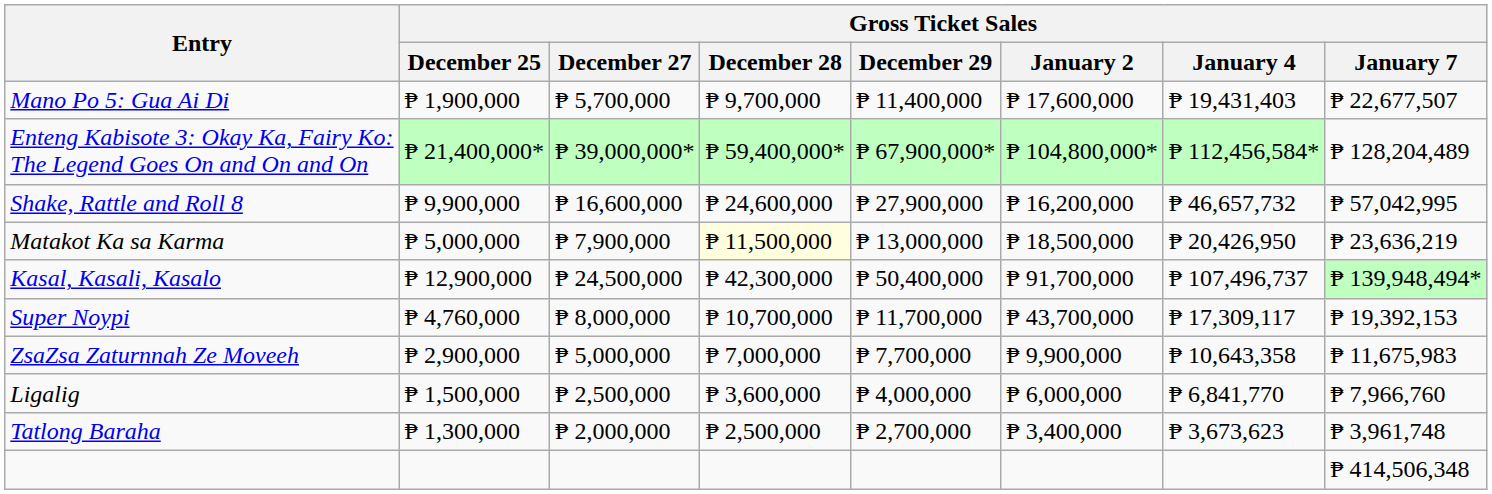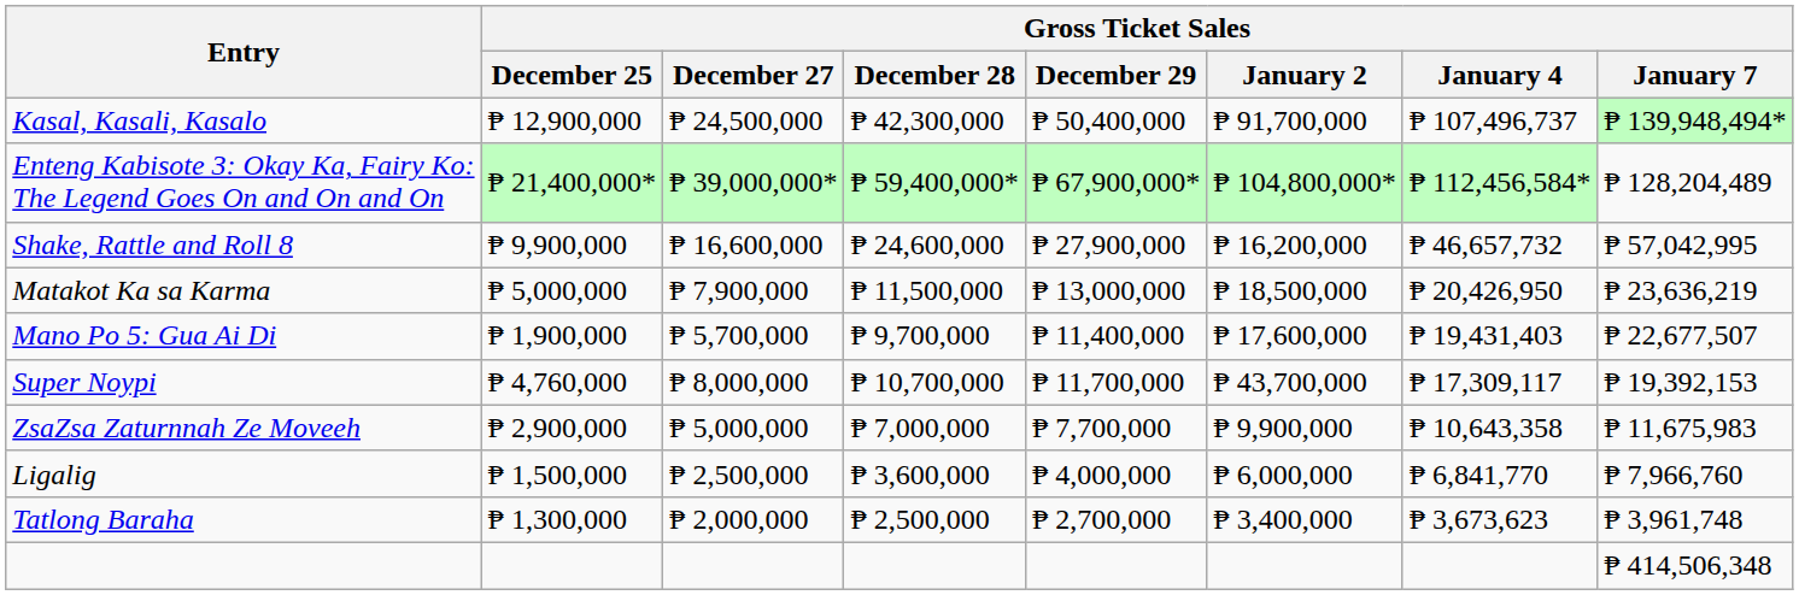 <table class="wikitable sortable" style="text align: center">
 <tr bgcolor="#efefef">
 <th rowspan=2>Entry</th>
 <th colspan=7>Gross Ticket Sales</th>
 </tr>
 <tr>
 <th>December 25</th>
 <th>December 27</th>
 <th>December 28</th>
 <th>December 29</th>
 <th>January 2</th>
 <th>January 4</th>
 <th>January 7</th>
 </tr>
 <tr>
-<td><em><a href='#'>Mano Po 5: Gua Ai Di</a></em></td>
-<td data-sort-value="7">₱ 1,900,000</td>
-<td data-sort-value="6">₱ 5,700,000</td>
-<td data-sort-value="6">₱ 9,700,000</td>
-<td data-sort-value="6">₱ 11,400,000</td>
-<td data-sort-value="5">₱ 17,600,000</td>
-<td data-sort-value="5">₱ 19,431,403</td>
-<td data-sort-value="5">₱ 22,677,507</td>
+<td><em><a href='#'>Kasal, Kasali, Kasalo</a></em></td>
+<td data-sort-value="2">₱ 12,900,000</td>
+<td data-sort-value="2">₱ 24,500,000</td>
+<td data-sort-value="2">₱ 42,300,000</td>
+<td data-sort-value="2">₱ 50,400,000</td>
+<td data-sort-value="2">₱ 91,700,000</td>
+<td data-sort-value="2">₱ 107,496,737</td>
+<td data-sort-value="1" style="background:#BFFFC0;">₱ 139,948,494*</td>
 </tr>
 <tr>
 <td><em><a href='#'>Enteng Kabisote 3: Okay Ka, Fairy Ko:<br>The Legend Goes On and On and On</a></em></td>
 <td data-sort-value="1" style="background:#BFFFC0;">₱ 21,400,000*</td>
 <td data-sort-value="1" style="background:#BFFFC0;">₱ 39,000,000*</td>
 <td data-sort-value="1" style="background:#BFFFC0;">₱ 59,400,000*</td>
 <td data-sort-value="1" style="background:#BFFFC0;">₱ 67,900,000*</td>
 <td data-sort-value="1" style="background:#BFFFC0;">₱ 104,800,000*</td>
 <td data-sort-value="1" style="background:#BFFFC0;">₱ 112,456,584*</td>
 <td data-sort-value="2">₱ 128,204,489</td>
 </tr>
 <tr>
 <td><em><a href='#'>Shake, Rattle and Roll 8</a></em></td>
 <td data-sort-value="3">₱ 9,900,000</td>
 <td data-sort-value="3">₱ 16,600,000</td>
 <td data-sort-value="3">₱ 24,600,000</td>
 <td data-sort-value="3">₱ 27,900,000</td>
 <td data-sort-value="6">₱ 16,200,000</td>
 <td data-sort-value="3">₱ 46,657,732</td>
 <td data-sort-value="3">₱ 57,042,995</td>
 </tr>
 <tr>
 <td><em>Matakot Ka sa Karma</em></td>
 <td data-sort-value="4">₱ 5,000,000</td>
 <td data-sort-value="5">₱ 7,900,000</td>
-<td data-sort-value="4" style="background: lightyellow;">₱ 11,500,000</td>
+<td data-sort-value="4">₱ 11,500,000</td>
 <td data-sort-value="4">₱ 13,000,000</td>
 <td data-sort-value="4">₱ 18,500,000</td>
 <td data-sort-value="4">₱ 20,426,950</td>
 <td data-sort-value="4">₱ 23,636,219</td>
 </tr>
 <tr>
-<td><em><a href='#'>Kasal, Kasali, Kasalo</a></em></td>
-<td data-sort-value="2">₱ 12,900,000</td>
-<td data-sort-value="2">₱ 24,500,000</td>
-<td data-sort-value="2">₱ 42,300,000</td>
-<td data-sort-value="2">₱ 50,400,000</td>
-<td data-sort-value="2">₱ 91,700,000</td>
-<td data-sort-value="2">₱ 107,496,737</td>
-<td data-sort-value="1" style="background:#BFFFC0;">₱ 139,948,494*</td>
+<td><em><a href='#'>Mano Po 5: Gua Ai Di</a></em></td>
+<td data-sort-value="7">₱ 1,900,000</td>
+<td data-sort-value="6">₱ 5,700,000</td>
+<td data-sort-value="6">₱ 9,700,000</td>
+<td data-sort-value="6">₱ 11,400,000</td>
+<td data-sort-value="5">₱ 17,600,000</td>
+<td data-sort-value="5">₱ 19,431,403</td>
+<td data-sort-value="5">₱ 22,677,507</td>
 </tr>
 <tr>
 <td><em><a href='#'>Super Noypi</a></em></td>
 <td data-sort-value="5">₱ 4,760,000</td>
 <td data-sort-value="4">₱ 8,000,000</td>
 <td data-sort-value="5">₱ 10,700,000</td>
 <td data-sort-value="5">₱ 11,700,000</td>
 <td data-sort-value="3">₱ 43,700,000</td>
 <td data-sort-value="6">₱ 17,309,117</td>
 <td data-sort-value="6">₱ 19,392,153</td>
 </tr>
 <tr>
 <td><em><a href='#'>ZsaZsa Zaturnnah Ze Moveeh</a></em></td>
 <td data-sort-value="6">₱ 2,900,000</td>
 <td data-sort-value="7">₱ 5,000,000</td>
 <td data-sort-value="7">₱ 7,000,000</td>
 <td data-sort-value="7">₱ 7,700,000</td>
 <td data-sort-value="7">₱ 9,900,000</td>
 <td data-sort-value="7">₱ 10,643,358</td>
 <td data-sort-value="7">₱ 11,675,983</td>
 </tr>
 <tr>
 <td><em>Ligalig</em></td>
 <td data-sort-value="8">₱ 1,500,000</td>
 <td data-sort-value="8">₱ 2,500,000</td>
 <td data-sort-value="8">₱ 3,600,000</td>
 <td data-sort-value="8">₱ 4,000,000</td>
 <td data-sort-value="8">₱ 6,000,000</td>
 <td data-sort-value="8">₱ 6,841,770</td>
 <td data-sort-value="8">₱ 7,966,760</td>
 </tr>
 <tr>
 <td><em><a href='#'>Tatlong Baraha</a></em></td>
 <td data-sort-value="9">₱ 1,300,000</td>
 <td data-sort-value="9">₱ 2,000,000</td>
 <td data-sort-value="9">₱ 2,500,000</td>
 <td data-sort-value="9">₱ 2,700,000</td>
 <td data-sort-value="9">₱ 3,400,000</td>
 <td data-sort-value="9">₱ 3,673,623</td>
 <td data-sort-value="9">₱ 3,961,748</td>
 </tr>
 <tr>
 <td></td>
 <td></td>
 <td></td>
 <td></td>
 <td></td>
 <td></td>
 <td><strong></strong></td>
 <td>₱ 414,506,348</td>
 </tr>
 </table>
